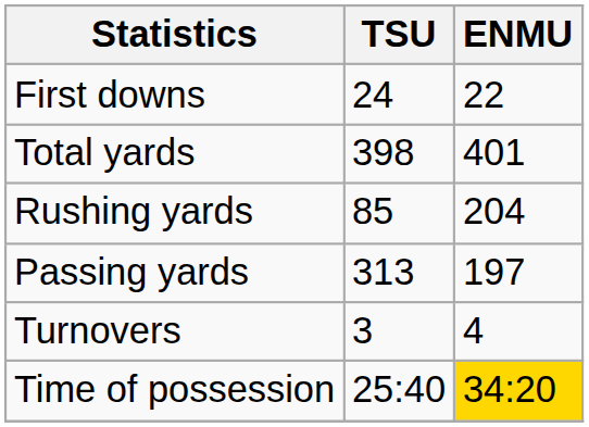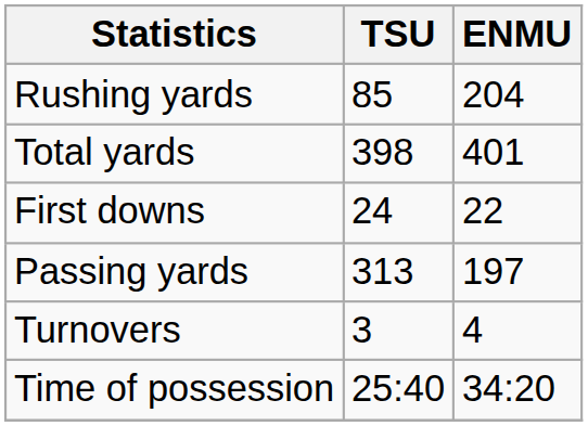 <table class="wikitable">
 <tr>
 <th>Statistics</th>
 <th>TSU</th>
 <th>ENMU</th>
 </tr>
 <tr>
-<td>First downs</td>
-<td>24</td>
-<td>22</td>
+<td>Rushing yards</td>
+<td>85</td>
+<td>204</td>
 </tr>
 <tr>
 <td>Total yards</td>
 <td>398</td>
 <td>401</td>
 </tr>
 <tr>
-<td>Rushing yards</td>
-<td>85</td>
-<td>204</td>
+<td>First downs</td>
+<td>24</td>
+<td>22</td>
 </tr>
 <tr>
 <td>Passing yards</td>
 <td>313</td>
 <td>197</td>
 </tr>
 <tr>
 <td>Turnovers</td>
 <td>3</td>
 <td>4</td>
 </tr>
 <tr>
 <td>Time of possession</td>
 <td>25:40</td>
-<td style="background: gold;">34:20</td>
+<td>34:20</td>
 </tr>
 <tr>
 </tr>
 </table>
